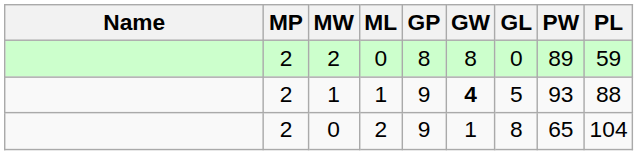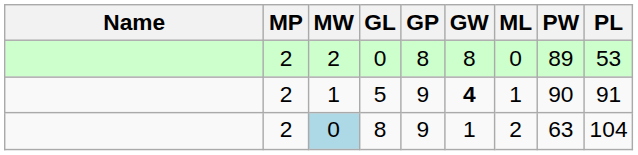 <table class=wikitable style="text-align:center">
 <tr>
 <th width=175>Name</th>
 <th width=20>MP</th>
 <th width=20>MW</th>
-<th width=20>ML</th>
+<th width=20>GL</th>
 <th width=20>GP</th>
 <th width=20>GW</th>
-<th width=20>GL</th>
+<th width=20>ML</th>
 <th width=20>PW</th>
 <th width=20>PL</th>
 </tr>
 <tr style="background-color:#ccffcc;">
 <td style="text-align:left;"><strong></strong></td>
 <td>2</td>
 <td>2</td>
 <td>0</td>
 <td>8</td>
 <td>8</td>
 <td>0</td>
 <td>89</td>
-<td>59</td>
+<td>53</td>
 </tr>
 <tr>
 <td style="text-align:left;"></td>
 <td>2</td>
 <td>1</td>
-<td>1</td>
+<td>5</td>
 <td>9</td>
 <td><strong>4</strong></td>
-<td>5</td>
-<td>93</td>
-<td>88</td>
+<td>1</td>
+<td>90</td>
+<td>91</td>
 </tr>
 <tr>
 <td style="text-align:left;"></td>
 <td>2</td>
-<td>0</td>
-<td>2</td>
+<td style="background: lightblue;">0</td>
+<td>8</td>
 <td>9</td>
 <td>1</td>
-<td>8</td>
-<td>65</td>
+<td>2</td>
+<td>63</td>
 <td>104</td>
 </tr>
 </table>
